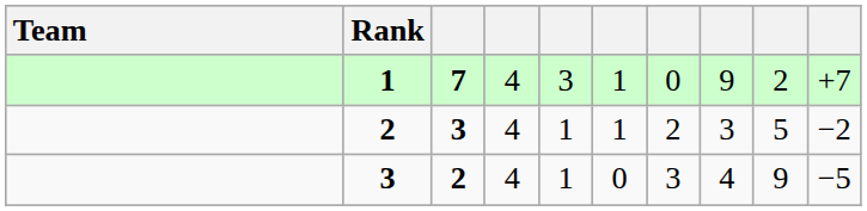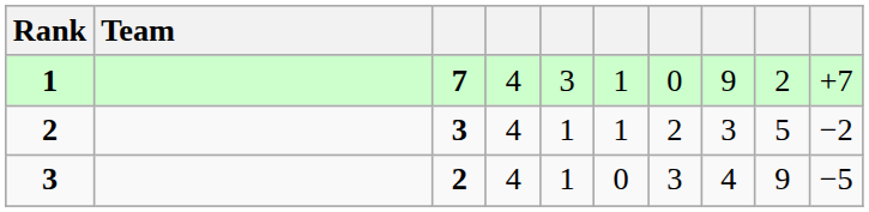 <table class="wikitable" style="text-align: center;">
 <tr>
+<th width=30>Rank</th>
 <th width=165 style="text-align:left;">Team</th>
-<th width=30>Rank</th>
 <th width=20></th>
 <th width=20></th>
 <th width=20></th>
 <th width=20></th>
 <th width=20></th>
 <th width=20></th>
 <th width=20></th>
 <th width=20></th>
 </tr>
 <tr style="background:#ccffcc;">
+<td><strong>1</strong></td>
 <td style="text-align:left;"></td>
-<td><strong>1</strong></td>
 <td><strong>7</strong></td>
 <td>4</td>
 <td>3</td>
 <td>1</td>
 <td>0</td>
 <td>9</td>
 <td>2</td>
 <td>+7</td>
 </tr>
 <tr>
+<td><strong>2</strong></td>
 <td style="text-align:left;"></td>
-<td><strong>2</strong></td>
 <td><strong>3</strong></td>
 <td>4</td>
 <td>1</td>
 <td>1</td>
 <td>2</td>
 <td>3</td>
 <td>5</td>
 <td>−2</td>
 </tr>
 <tr>
+<td><strong>3</strong></td>
 <td style="text-align:left;"></td>
-<td><strong>3</strong></td>
 <td><strong>2</strong></td>
 <td>4</td>
 <td>1</td>
 <td>0</td>
 <td>3</td>
 <td>4</td>
 <td>9</td>
 <td>−5</td>
 </tr>
 </table>
